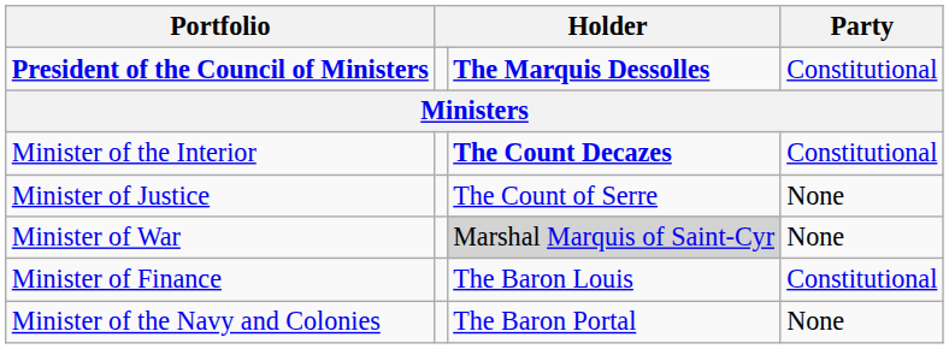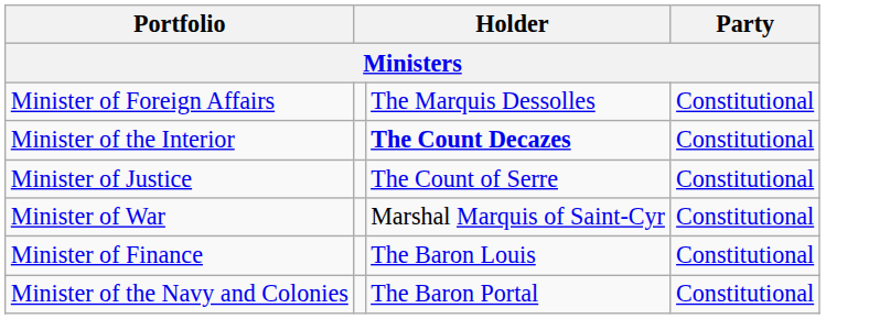 <table class="wikitable">
 <tr>
 <th>Portfolio</th>
 <th colspan=2>Holder</th>
 <th>Party</th>
 </tr>
 <tr>
-<td><strong><a href='#'>President of the Council of Ministers</a></strong></td>
-<td style="background:"></td>
-<td><strong><a href='#'>The Marquis Dessolles</a></strong></td>
-<td><a href='#'>Constitutional</a></td>
+<th colspan=4 align=center><a href='#'>Ministers</a></th>
 </tr>
 <tr>
-<th colspan=4 align=center><a href='#'>Ministers</a></th>
+<td><a href='#'>Minister of Foreign Affairs</a></td>
+<td style="background:"></td>
+<td><a href='#'>The Marquis Dessolles</a></td>
+<td><a href='#'>Constitutional</a></td>
 </tr>
 <tr>
 <td><a href='#'>Minister of the Interior</a></td>
 <td style="background:"></td>
 <td><strong><a href='#'>The Count Decazes</a></strong></td>
 <td><a href='#'>Constitutional</a></td>
 </tr>
 <tr>
 <td><a href='#'>Minister of Justice</a></td>
 <td style="background:"></td>
 <td><a href='#'>The Count of Serre</a></td>
-<td>None</td>
+<td><a href='#'>Constitutional</a></td>
 </tr>
 <tr>
 <td><a href='#'>Minister of War</a></td>
 <td style="background:"></td>
-<td style="background: lightgrey;">Marshal <a href='#'>Marquis of Saint-Cyr</a></td>
-<td>None</td>
+<td>Marshal <a href='#'>Marquis of Saint-Cyr</a></td>
+<td><a href='#'>Constitutional</a></td>
 </tr>
 <tr>
 <td><a href='#'>Minister of Finance</a></td>
 <td style="background:"></td>
 <td><a href='#'>The Baron Louis</a></td>
 <td><a href='#'>Constitutional</a></td>
 </tr>
 <tr>
 <td><a href='#'>Minister of the Navy and Colonies</a></td>
 <td style="background:"></td>
 <td><a href='#'>The Baron Portal</a></td>
-<td>None</td>
+<td><a href='#'>Constitutional</a></td>
 </tr>
 </table>
